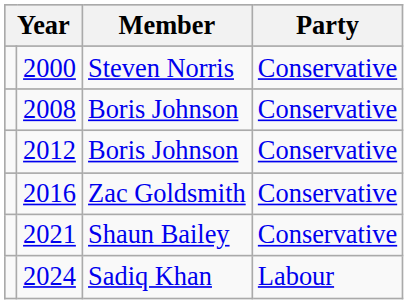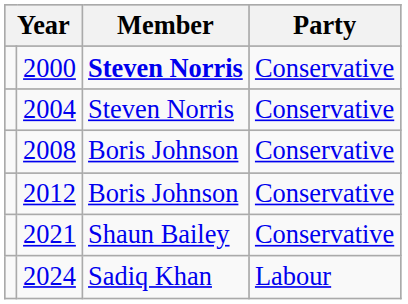 <table class="wikitable">
 <tr>
 <th colspan="2">Year</th>
 <th>Member</th>
 <th>Party</th>
 </tr>
 <tr>
 <td style="background-color: "></td>
 <td><a href='#'>2000</a></td>
+<td><strong><a href='#'>Steven Norris</a></strong></td>
+<td><a href='#'>Conservative</a></td>
+</tr>
+<tr>
+<td style="background-color: "></td>
+<td><a href='#'>2004</a></td>
 <td><a href='#'>Steven Norris</a></td>
 <td><a href='#'>Conservative</a></td>
 </tr>
 <tr>
 <td style="background-color: "></td>
 <td><a href='#'>2008</a></td>
 <td><a href='#'>Boris Johnson</a></td>
 <td><a href='#'>Conservative</a></td>
 </tr>
 <tr>
 <td style="background-color: "></td>
 <td><a href='#'>2012</a></td>
 <td><a href='#'>Boris Johnson</a></td>
 <td><a href='#'>Conservative</a></td>
 </tr>
 <tr>
 <td style="background-color: "></td>
-<td><a href='#'>2016</a></td>
-<td><a href='#'>Zac Goldsmith</a></td>
-<td><a href='#'>Conservative</a></td>
-</tr>
-<tr>
-<td style="background-color: "></td>
 <td><a href='#'>2021</a></td>
 <td><a href='#'>Shaun Bailey</a></td>
 <td><a href='#'>Conservative</a></td>
 </tr>
 <tr>
 <td style="background-color: "></td>
 <td><a href='#'>2024</a></td>
 <td><a href='#'>Sadiq Khan</a></td>
 <td><a href='#'>Labour</a></td>
 </tr>
 </table>
